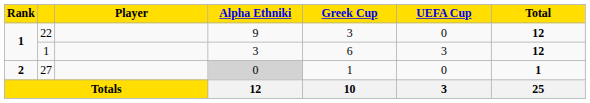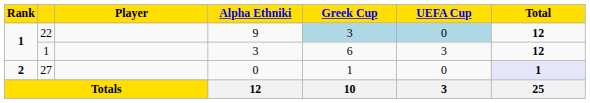 <table class="wikitable sortable" style="text-align:center">
 <tr>
 <th style="background:#FFDE00">Rank</th>
 <th style="background:#FFDE00"></th>
 <th width=200 style="background:#FFDE00">Player</th>
 <th width=120 style="background:#FFDE00"><a href='#'>Alpha Ethniki</a></th>
 <th width=120 style="background:#FFDE00"><a href='#'>Greek Cup</a></th>
 <th width=120 style="background:#FFDE00"><a href='#'>UEFA Cup</a></th>
 <th width=120 style="background:#FFDE00">Total</th>
 </tr>
 <tr>
 <td rowspan=2><strong>1</strong></td>
 <td>22</td>
 <td align=left></td>
 <td>9</td>
-<td>3</td>
-<td>0</td>
+<td style="background: lightblue;">3</td>
+<td style="background: lightblue;">0</td>
 <td><strong>12</strong></td>
 </tr>
 <tr>
 <td>1</td>
 <td align=left></td>
 <td>3</td>
 <td>6</td>
 <td>3</td>
 <td><strong>12</strong></td>
 </tr>
 <tr>
 <td><strong>2</strong></td>
 <td>27</td>
 <td align=left></td>
-<td style="background: lightgrey;">0</td>
+<td>0</td>
 <td>1</td>
 <td>0</td>
-<td><strong>1</strong></td>
+<td style="background: lavender;"><strong>1</strong></td>
 </tr>
 <tr class="sortbottom">
 <th colspan=3 style="background:#FFDE00"><strong>Totals</strong></th>
 <th><strong>12</strong></th>
 <th><strong>10</strong></th>
 <th><strong> 3</strong></th>
 <th><strong>25</strong></th>
 </tr>
 </table>
